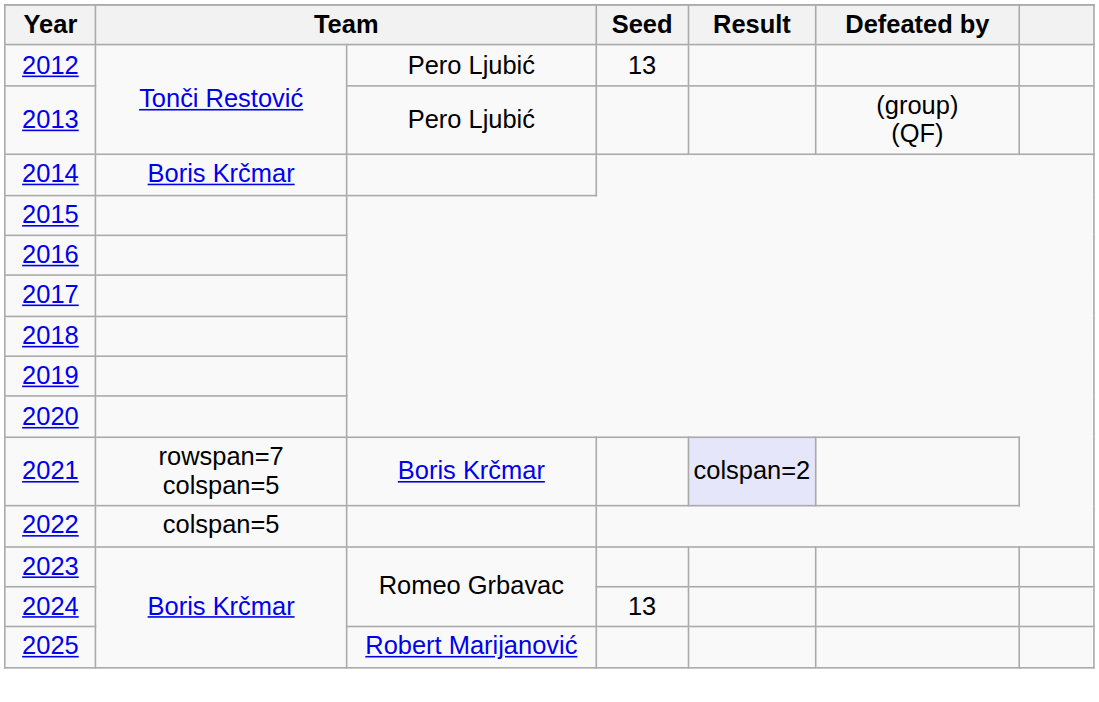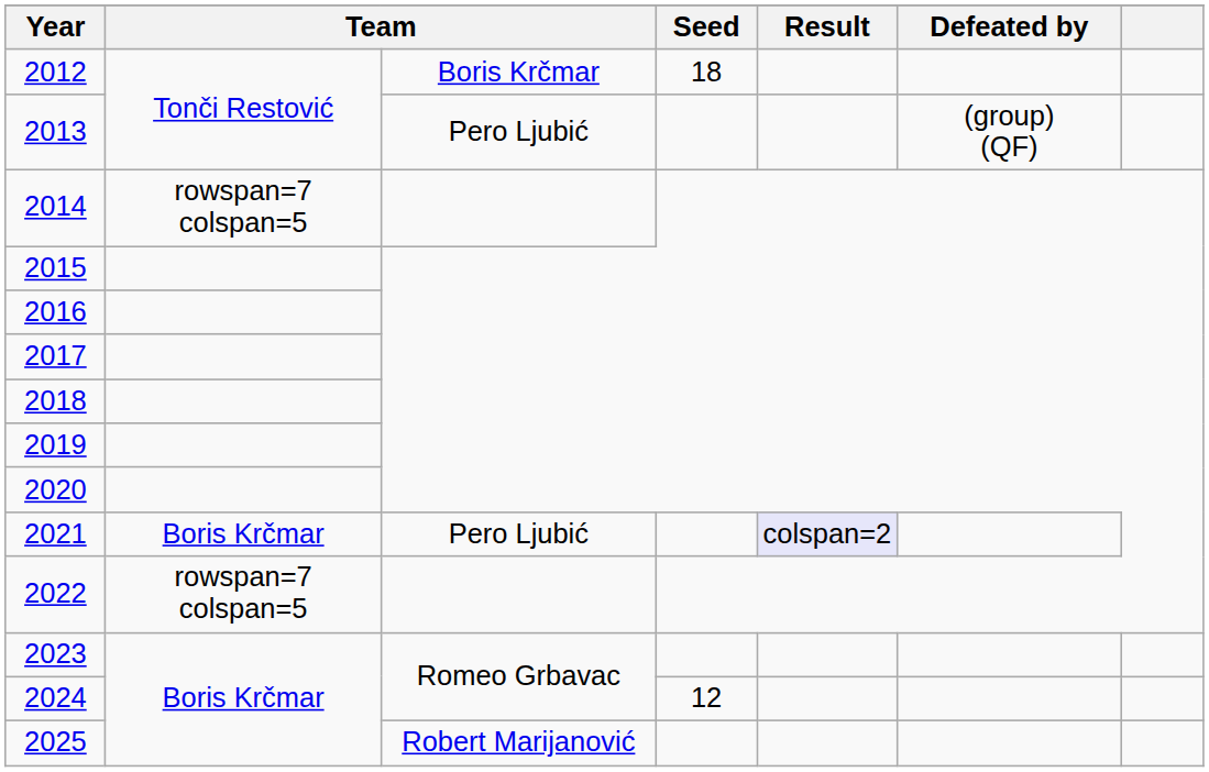 <table class="wikitable" style="text-align: center;">
 <tr style= "background: #e2e2e2;">
 </tr>
 <tr style="background: #efefef;">
 <th width=50px>Year</th>
 <th colspan="2">Team</th>
 <th width=50px>Seed</th>
 <th width=50px>Result</th>
 <th width=120px>Defeated by</th>
 <th width=40px></th>
 </tr>
 <tr>
 <td><a href='#'>2012</a></td>
 <td rowspan=2 width=150px><a href='#'>Tonči Restović</a></td>
-<td width=150px>Pero Ljubić</td>
-<td>13</td>
+<td width=150px><a href='#'>Boris Krčmar</a></td>
+<td>18</td>
 <td></td>
 <td> </td>
 <td></td>
 </tr>
 <tr>
 <td><a href='#'>2013</a></td>
 <td width=150px>Pero Ljubić</td>
 <td></td>
 <td></td>
 <td>  (group)<br>  (QF)</td>
 <td></td>
 </tr>
 <tr>
 <td><a href='#'>2014</a></td>
-<td width=150px><a href='#'>Boris Krčmar</a></td>
+<td>rowspan=7 colspan=5 </td>
 <td></td>
 </tr>
 <tr>
 <td><a href='#'>2015</a></td>
 <td></td>
 </tr>
 <tr>
 <td><a href='#'>2016</a></td>
 <td></td>
 </tr>
 <tr>
 <td><a href='#'>2017</a></td>
 <td></td>
 </tr>
 <tr>
 <td><a href='#'>2018</a></td>
 <td></td>
 </tr>
 <tr>
 <td><a href='#'>2019</a></td>
 <td></td>
 </tr>
 <tr>
 <td><a href='#'>2020</a></td>
 <td></td>
 </tr>
 <tr>
 <td><a href='#'>2021</a></td>
-<td>rowspan=7 colspan=5 </td>
 <td width=150px><a href='#'>Boris Krčmar</a></td>
+<td width=150px>Pero Ljubić</td>
 <td></td>
 <td style="background: lavender;">colspan=2 </td>
 <td></td>
 </tr>
 <tr>
 <td><a href='#'>2022</a></td>
-<td>colspan=5 </td>
+<td>rowspan=7 colspan=5 </td>
 <td></td>
 </tr>
 <tr>
 <td><a href='#'>2023</a></td>
 <td rowspan=3><a href='#'>Boris Krčmar</a></td>
 <td rowspan=2>Romeo Grbavac</td>
 <td></td>
 <td></td>
 <td> </td>
 <td></td>
 </tr>
 <tr>
 <td><a href='#'>2024</a></td>
-<td>13</td>
+<td>12</td>
 <td></td>
 <td> </td>
 <td></td>
 </tr>
 <tr>
 <td><a href='#'>2025</a></td>
 <td><a href='#'>Robert Marijanović</a></td>
 <td></td>
 <td></td>
 <td></td>
 <td></td>
 </tr>
 </table>
